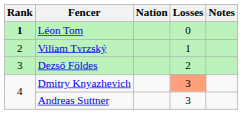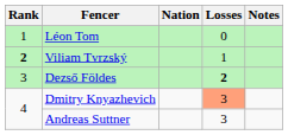 <table class="wikitable sortable" style="text-align:center">
 <tr>
 <th>Rank</th>
 <th>Fencer</th>
 <th>Nation</th>
 <th>Losses</th>
 <th>Notes</th>
 </tr>
 <tr bgcolor=bbf3bb>
-<td><strong>1</strong></td>
+<td>1</td>
 <td align=left><a href='#'>Léon Tom</a></td>
 <td align=left></td>
 <td>0</td>
 <td></td>
 </tr>
 <tr bgcolor=bbf3bb>
-<td>2</td>
+<td><strong>2</strong></td>
 <td align=left><a href='#'>Viliam Tvrzský</a></td>
 <td align=left></td>
 <td>1</td>
 <td></td>
 </tr>
 <tr bgcolor=bbf3bb>
 <td>3</td>
 <td align=left><a href='#'>Dezső Földes</a></td>
 <td align=left></td>
-<td>2</td>
+<td><strong>2</strong></td>
 <td></td>
 </tr>
 <tr>
 <td rowspan=2>4</td>
 <td align=left><a href='#'>Dmitry Knyazhevich</a></td>
 <td align=left></td>
 <td style="background: lightsalmon;">3</td>
 <td></td>
 </tr>
 <tr>
 <td align=left><a href='#'>Andreas Suttner</a></td>
 <td align=left></td>
 <td>3</td>
 <td></td>
 </tr>
 </table>
